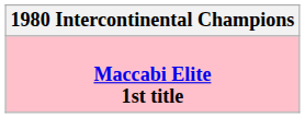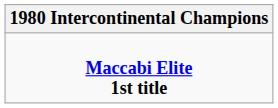 <table class=wikitable style="text-align:center; margin:auto">
 <tr>
 <th>1980 Intercontinental Champions</th>
 </tr>
 <tr>
-<td style="background: pink;"><br> <strong><a href='#'>Maccabi Elite</a></strong> <br> <strong>1st title</strong></td>
+<td><br> <strong><a href='#'>Maccabi Elite</a></strong> <br> <strong>1st title</strong></td>
 </tr>
 </table>
